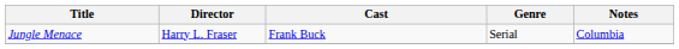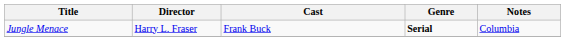 <table class="wikitable" style="width:100%;">
 <tr>
 <th style="width:23%;">Title</th>
 <th style="width:16%;">Director</th>
 <th style="width:33%;">Cast</th>
 <th style="width:13%;">Genre</th>
 <th style="width:15%;">Notes</th>
 </tr>
 <tr>
 <td><em><a href='#'>Jungle Menace</a></em></td>
 <td><a href='#'>Harry L. Fraser</a></td>
 <td><a href='#'>Frank Buck</a></td>
-<td>Serial</td>
+<td><strong>Serial</strong></td>
 <td><a href='#'>Columbia</a></td>
 </tr>
 <tr>
 </tr>
 </table>
